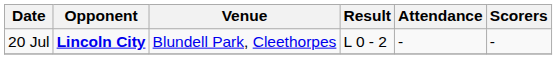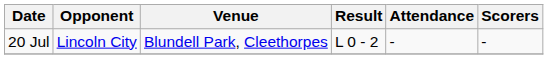 <table class="wikitable">
 <tr>
 <th>Date</th>
 <th>Opponent</th>
 <th>Venue</th>
 <th>Result</th>
 <th>Attendance</th>
 <th>Scorers</th>
 </tr>
 <tr>
 <td>20 Jul</td>
-<td><strong><a href='#'>Lincoln City</a><br></strong></td>
+<td><a href='#'>Lincoln City</a><br></td>
 <td><a href='#'>Blundell Park</a>, <a href='#'>Cleethorpes</a></td>
 <td>L 0 - 2</td>
 <td>-</td>
 <td>-</td>
 </tr>
 <tr>
 </tr>
 </table>
